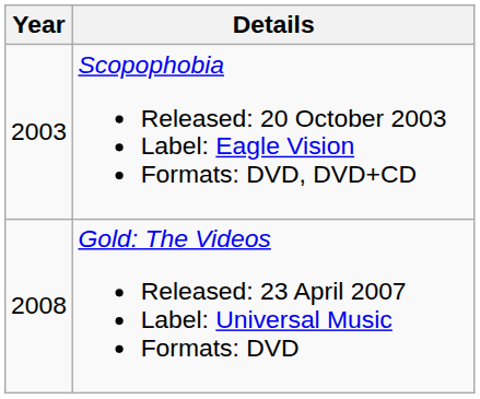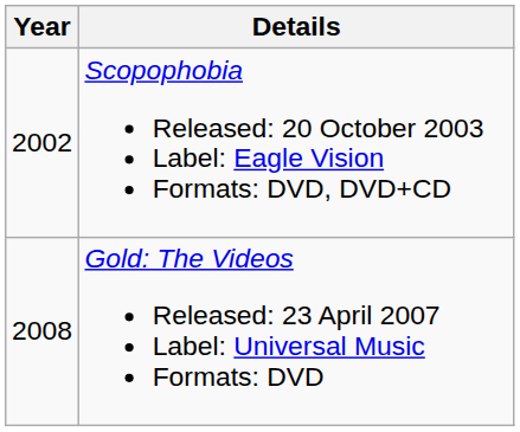 <table class="wikitable">
 <tr>
 <th>Year</th>
 <th style="width:250px;">Details</th>
 </tr>
 <tr>
-<td>2003</td>
+<td>2002</td>
 <td><em><a href='#'>Scopophobia</a></em><br><ul><li>Released: 20 October 2003</li><li>Label: <a href='#'>Eagle Vision</a></li><li>Formats: DVD, DVD+CD</li></ul></td>
 </tr>
 <tr>
 <td>2008</td>
 <td><em><a href='#'>Gold: The Videos</a></em><br><ul><li>Released: 23 April 2007</li><li>Label: <a href='#'>Universal Music</a></li><li>Formats: DVD</li></ul></td>
 </tr>
 </table>
